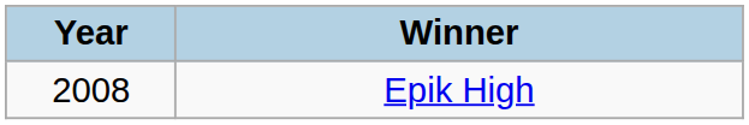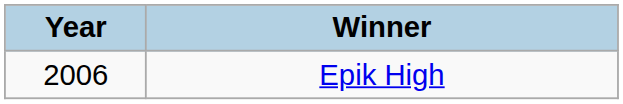 <table class="wikitable" style="text-align: center">
 <tr>
 <th width="70" style="background:#b3d1e3;">Year</th>
 <th width="250" style="background:#b3d1e3;">Winner</th>
 </tr>
 <tr>
-<td>2008</td>
+<td>2006</td>
 <td><a href='#'>Epik High</a></td>
 </tr>
 </table>
